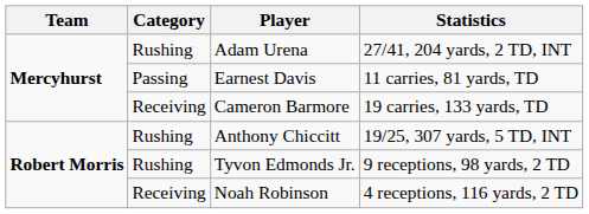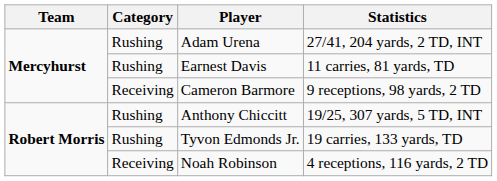 <table class="wikitable" style="float: right;">
 <tr>
 <th>Team</th>
 <th>Category</th>
 <th>Player</th>
 <th>Statistics</th>
 </tr>
 <tr>
 <td rowspan=3><strong>Mercyhurst</strong></td>
 <td>Rushing</td>
 <td>Adam Urena</td>
 <td>27/41, 204 yards, 2 TD, INT</td>
 </tr>
 <tr>
-<td>Passing</td>
+<td>Rushing</td>
 <td>Earnest Davis</td>
 <td>11 carries, 81 yards, TD</td>
 </tr>
 <tr>
 <td>Receiving</td>
 <td>Cameron Barmore</td>
-<td>19 carries, 133 yards, TD</td>
+<td>9 receptions, 98 yards, 2 TD</td>
 </tr>
 <tr>
 <td rowspan=3><strong>Robert Morris</strong></td>
 <td>Rushing</td>
 <td>Anthony Chiccitt</td>
 <td>19/25, 307 yards, 5 TD, INT</td>
 </tr>
 <tr>
 <td>Rushing</td>
 <td>Tyvon Edmonds Jr.</td>
-<td>9 receptions, 98 yards, 2 TD</td>
+<td>19 carries, 133 yards, TD</td>
 </tr>
 <tr>
 <td>Receiving</td>
 <td>Noah Robinson</td>
 <td>4 receptions, 116 yards, 2 TD</td>
 </tr>
 </table>
